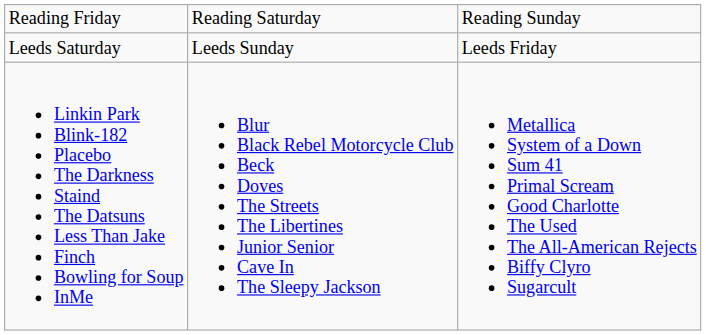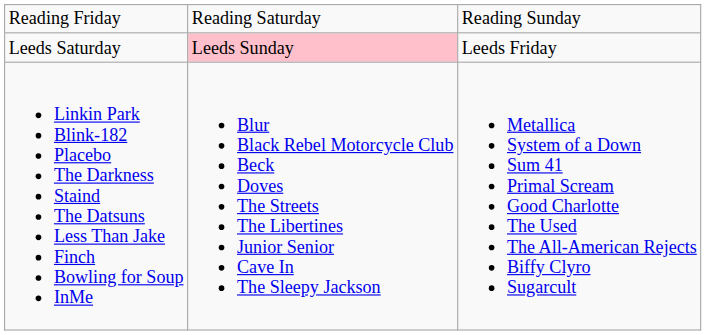 <table class="wikitable">
 <tr>
 <td>Reading Friday</td>
 <td>Reading Saturday</td>
 <td>Reading Sunday</td>
 </tr>
 <tr>
 <td>Leeds Saturday</td>
-<td>Leeds Sunday</td>
+<td style="background: pink;">Leeds Sunday</td>
 <td>Leeds Friday</td>
 </tr>
 <tr>
 <td><br><ul><li><a href='#'>Linkin Park</a></li><li><a href='#'>Blink-182</a></li><li><a href='#'>Placebo</a></li><li><a href='#'>The Darkness</a></li><li><a href='#'>Staind</a></li><li><a href='#'>The Datsuns</a></li><li><a href='#'>Less Than Jake</a></li><li><a href='#'>Finch</a></li><li><a href='#'>Bowling for Soup</a></li><li><a href='#'>InMe</a></li></ul></td>
 <td><br><ul><li><a href='#'>Blur</a></li><li><a href='#'>Black Rebel Motorcycle Club</a></li><li><a href='#'>Beck</a></li><li><a href='#'>Doves</a></li><li><a href='#'>The Streets</a></li><li><a href='#'>The Libertines</a></li><li><a href='#'>Junior Senior</a></li><li><a href='#'>Cave In</a></li><li><a href='#'>The Sleepy Jackson</a></li></ul></td>
 <td><br><ul><li><a href='#'>Metallica</a></li><li><a href='#'>System of a Down</a></li><li><a href='#'>Sum 41</a></li><li><a href='#'>Primal Scream</a></li><li><a href='#'>Good Charlotte</a></li><li><a href='#'>The Used</a></li><li><a href='#'>The All-American Rejects</a></li><li><a href='#'>Biffy Clyro</a></li><li><a href='#'>Sugarcult</a></li></ul></td>
 </tr>
 </table>
